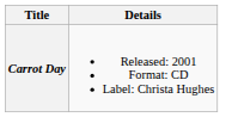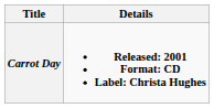 <table class="wikitable plainrowheaders" style="text-align:center;" border="1">
 <tr>
 <th>Title</th>
 <th>Details</th>
 </tr>
 <tr>
 <th scope="row"><em>Carrot Day</em></th>
-<td><br><ul><li>Released: 2001</li><li>Format: CD</li><li>Label: Christa Hughes</li></ul></td>
+<td><strong><br><ul><li>Released: 2001</li><li>Format: CD</li><li>Label: Christa Hughes</li></ul></strong></td>
 </tr>
 </table>
